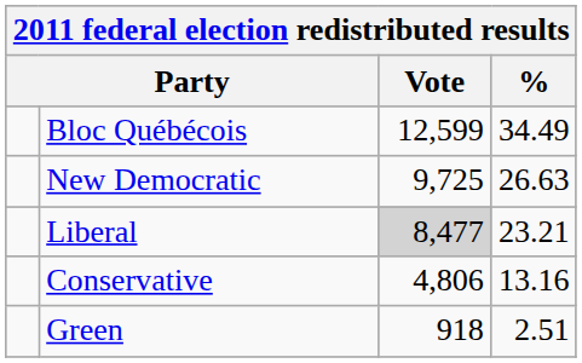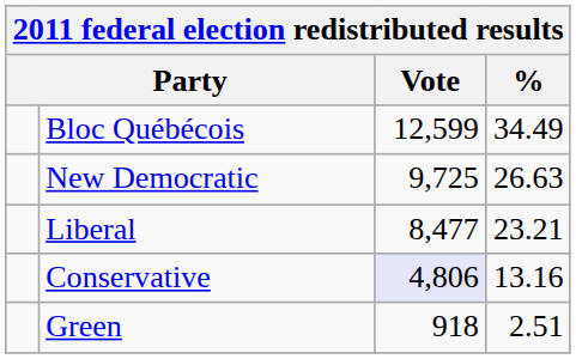 <table class="wikitable">
 <tr>
 <th colspan="4"><a href='#'>2011 federal election</a> redistributed results</th>
 </tr>
 <tr>
 <th bgcolor="#DDDDFF" width="130px" colspan="2">Party</th>
 <th bgcolor="#DDDDFF" width="50px">Vote</th>
 <th bgcolor="#DDDDFF" width="30px">%</th>
 </tr>
 <tr>
 <td> </td>
 <td><a href='#'>Bloc Québécois</a></td>
 <td align=right>12,599</td>
 <td align=right>34.49</td>
 </tr>
 <tr>
 <td> </td>
 <td><a href='#'>New Democratic</a></td>
 <td align=right>9,725</td>
 <td align=right>26.63</td>
 </tr>
 <tr>
 <td> </td>
 <td><a href='#'>Liberal</a></td>
-<td align=right style="background: lightgrey;">8,477</td>
+<td align=right>8,477</td>
 <td align=right>23.21</td>
 </tr>
 <tr>
 <td> </td>
 <td><a href='#'>Conservative</a></td>
-<td align=right>4,806</td>
+<td align=right style="background: lavender;">4,806</td>
 <td align=right>13.16</td>
 </tr>
 <tr>
 <td> </td>
 <td><a href='#'>Green</a></td>
 <td align=right>918</td>
 <td align=right>2.51</td>
 </tr>
 </table>
